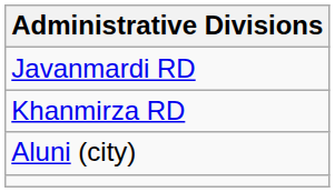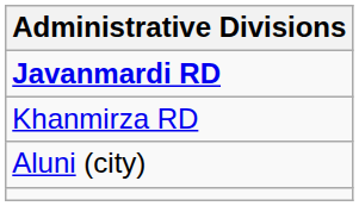 <table class="wikitable">
 <tr>
 <th>Administrative Divisions</th>
 </tr>
 <tr>
-<td><a href='#'>Javanmardi RD</a></td>
+<td><strong><a href='#'>Javanmardi RD</a></strong></td>
 </tr>
 <tr>
 <td><a href='#'>Khanmirza RD</a></td>
 </tr>
 <tr>
 <td><a href='#'>Aluni</a> (city)</td>
 </tr>
 <tr>
 <td colspan=1></td>
 </tr>
 </table>
